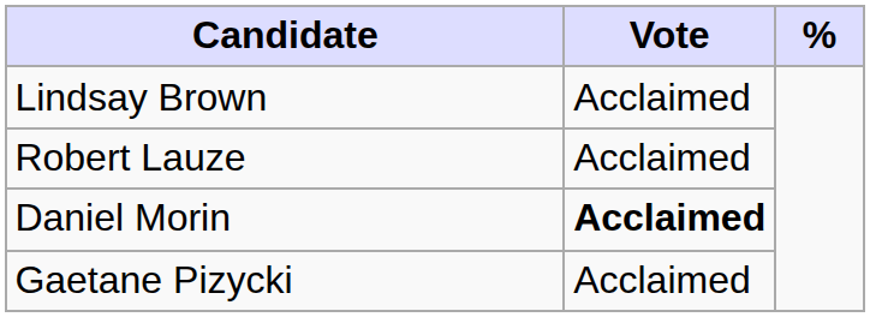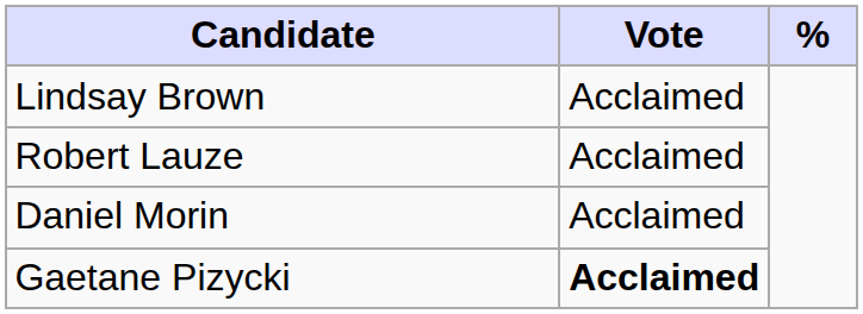 <table class="wikitable">
 <tr>
 <th style="background:#ddf; width:225px;">Candidate</th>
 <th style="background:#ddf; width:50px;">Vote</th>
 <th style="background:#ddf; width:30px;">%</th>
 </tr>
 <tr>
 </tr>
 <tr>
 <td>Lindsay Brown</td>
 <td>Acclaimed</td>
 </tr>
 <tr>
 <td>Robert Lauze</td>
 <td>Acclaimed</td>
 </tr>
 <tr>
 <td>Daniel Morin</td>
-<td><strong>Acclaimed</strong></td>
+<td>Acclaimed</td>
 </tr>
 <tr>
 <td>Gaetane Pizycki</td>
-<td>Acclaimed</td>
+<td><strong>Acclaimed</strong></td>
 </tr>
 </table>
